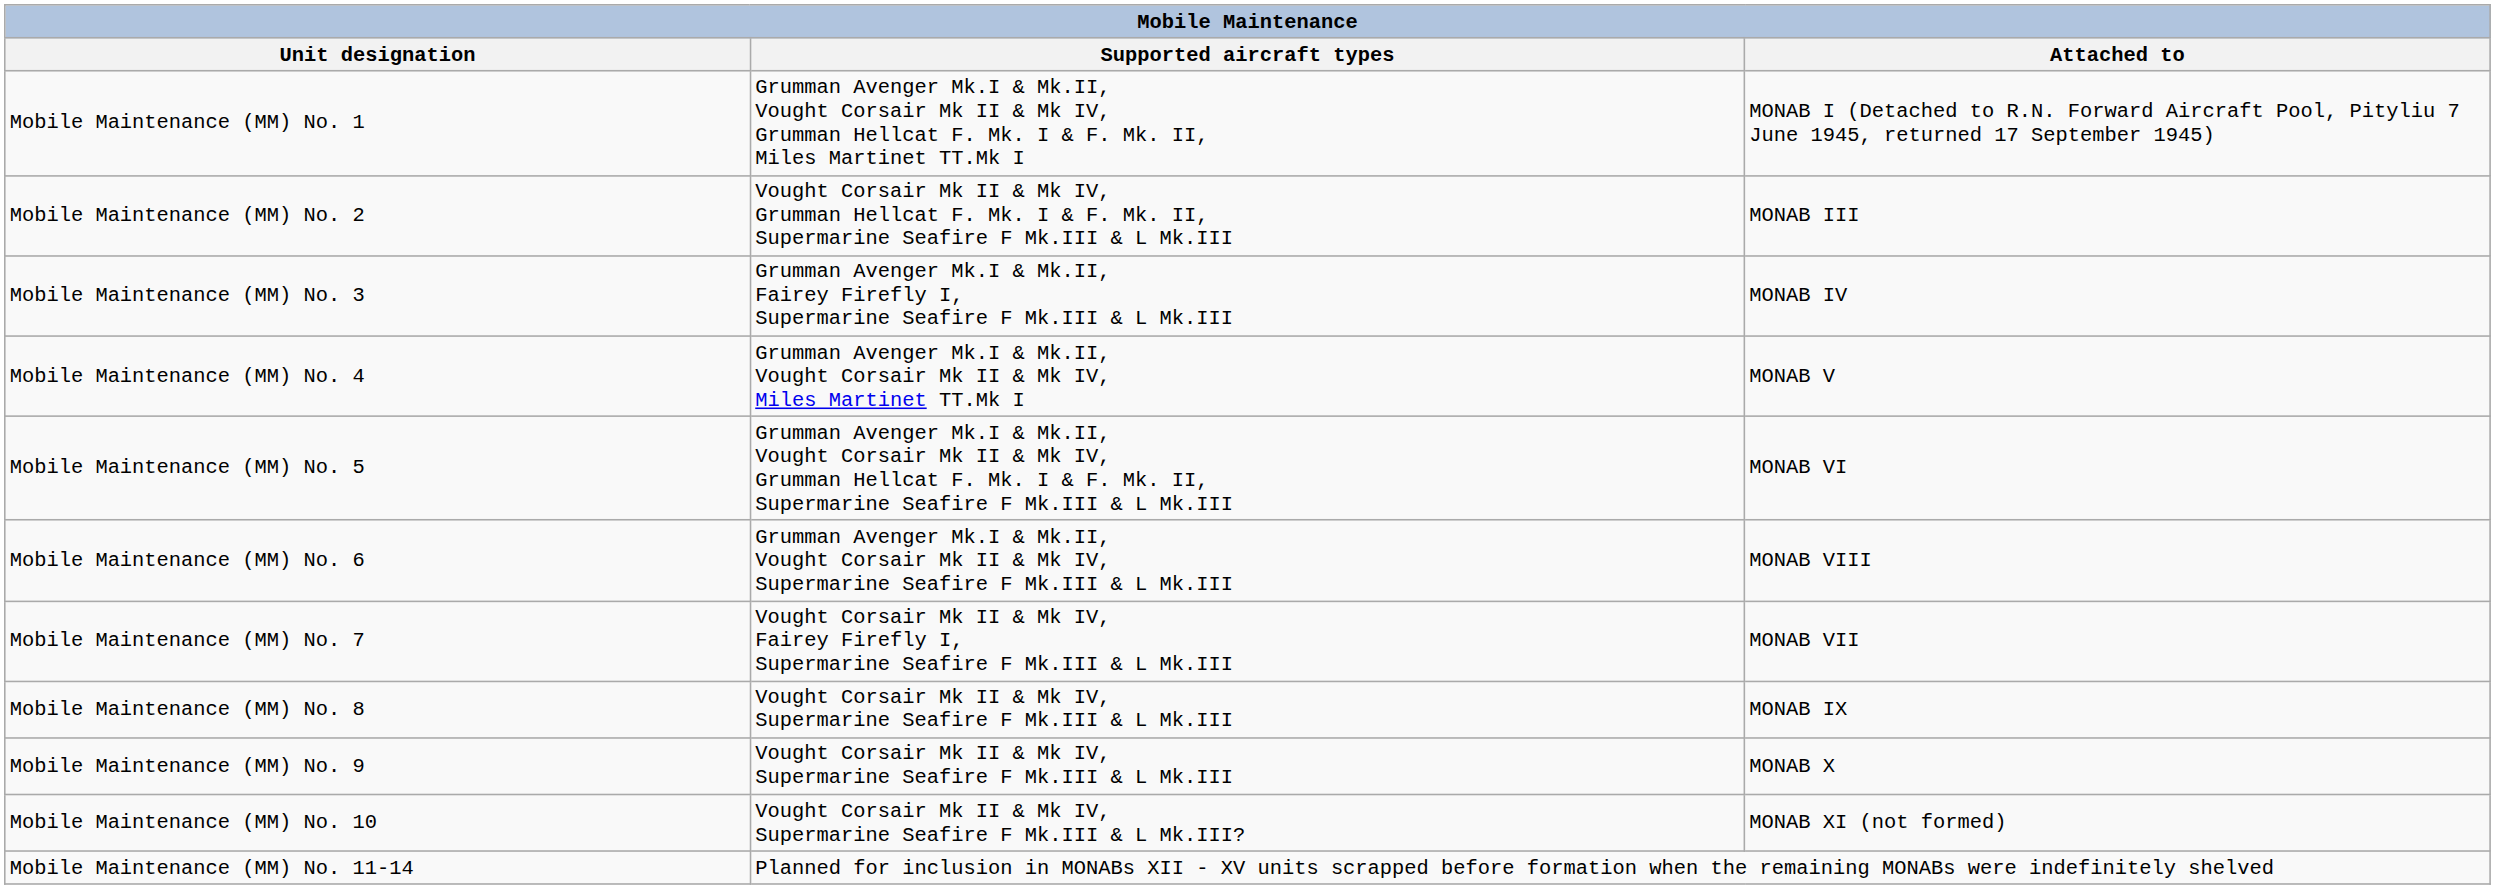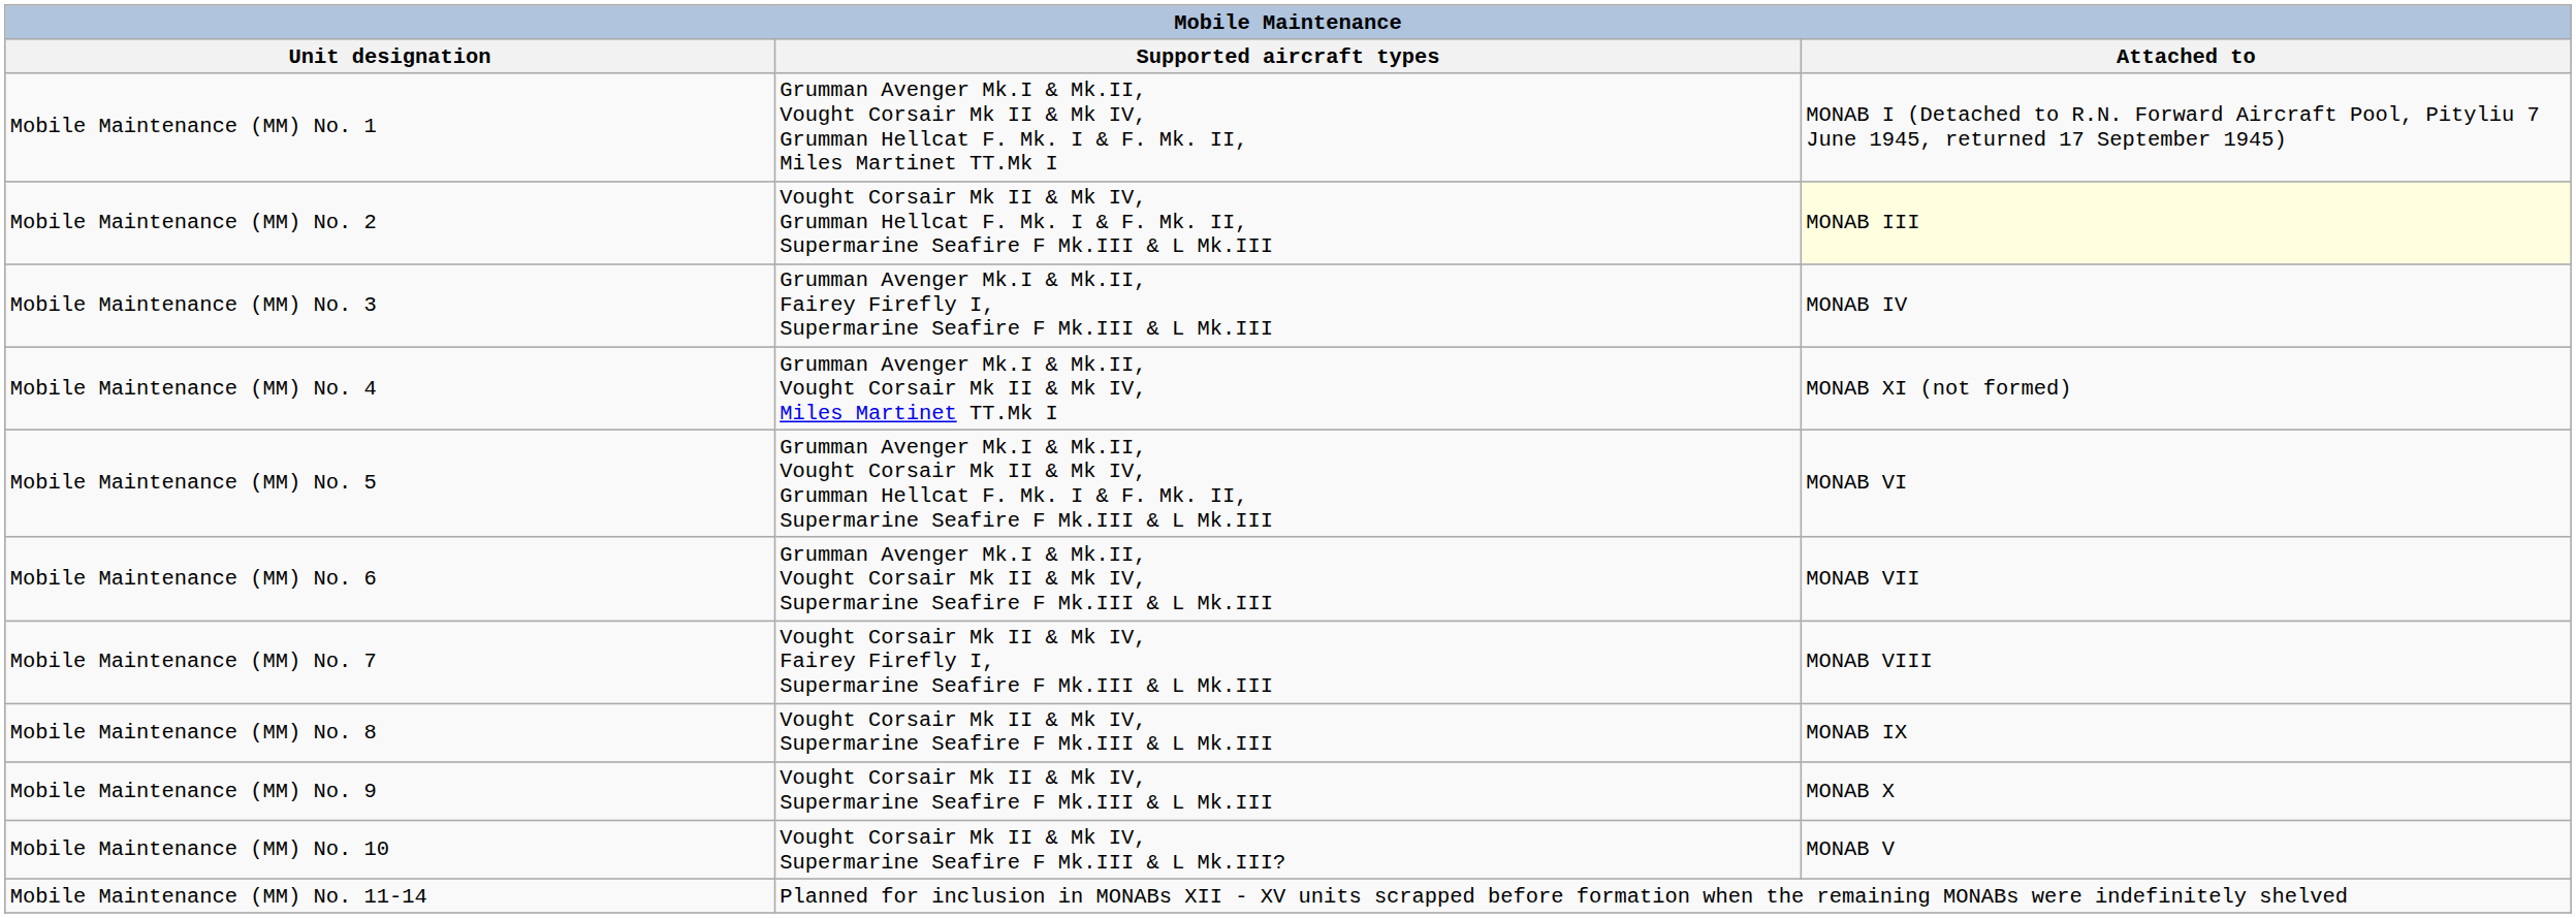 <table class="wikitable" style="margin:auto; width:100%;">
 <tr>
 <th style="align: center; background:#B0C4DE;" colspan="3">Mobile Maintenance</th>
 </tr>
 <tr>
 <th style="text-align:center; width:30%;">Unit designation</th>
 <th style="text-align:center; width:40%;">Supported aircraft types</th>
 <th style="text-align:center; width:30%;">Attached to</th>
 </tr>
 <tr>
 <td>Mobile Maintenance (MM) No. 1</td>
 <td>Grumman Avenger Mk.I & Mk.II,<br>Vought Corsair Mk II & Mk IV,<br>Grumman Hellcat F. Mk. I & F. Mk. II,<br>Miles Martinet TT.Mk I</td>
 <td>MONAB I (Detached to R.N. Forward Aircraft Pool, Pityliu 7 June 1945, returned 17 September 1945)</td>
 </tr>
 <tr>
 <td>Mobile Maintenance (MM) No. 2</td>
 <td>Vought Corsair Mk II & Mk IV,<br>Grumman Hellcat F. Mk. I & F. Mk. II,<br>Supermarine Seafire F Mk.III & L Mk.III</td>
-<td>MONAB III</td>
+<td style="background: lightyellow;">MONAB III</td>
 </tr>
 <tr>
 <td>Mobile Maintenance (MM) No. 3</td>
 <td>Grumman Avenger Mk.I & Mk.II,<br>Fairey Firefly I,<br>Supermarine Seafire F Mk.III & L Mk.III</td>
 <td>MONAB IV</td>
 </tr>
 <tr>
 <td>Mobile Maintenance (MM) No. 4</td>
 <td>Grumman Avenger Mk.I & Mk.II,<br>Vought Corsair Mk II & Mk IV,<br><a href='#'>Miles Martinet</a> TT.Mk I</td>
-<td>MONAB V</td>
+<td>MONAB XI (not formed)</td>
 </tr>
 <tr>
 <td>Mobile Maintenance (MM) No. 5</td>
 <td>Grumman Avenger Mk.I & Mk.II,<br>Vought Corsair Mk II & Mk IV,<br>Grumman Hellcat F. Mk. I & F. Mk. II,<br>Supermarine Seafire F Mk.III & L Mk.III</td>
 <td>MONAB VI</td>
 </tr>
 <tr>
 <td>Mobile Maintenance (MM) No. 6</td>
 <td>Grumman Avenger Mk.I & Mk.II,<br>Vought Corsair Mk II & Mk IV,<br>Supermarine Seafire F Mk.III & L Mk.III</td>
-<td>MONAB VIII</td>
+<td>MONAB VII</td>
 </tr>
 <tr>
 <td>Mobile Maintenance (MM) No. 7</td>
 <td>Vought Corsair Mk II & Mk IV,<br>Fairey Firefly I,<br>Supermarine Seafire F Mk.III & L Mk.III</td>
-<td>MONAB VII</td>
+<td>MONAB VIII</td>
 </tr>
 <tr>
 <td>Mobile Maintenance (MM) No. 8</td>
 <td>Vought Corsair Mk II & Mk IV,<br>Supermarine Seafire F Mk.III & L Mk.III</td>
 <td>MONAB IX</td>
 </tr>
 <tr>
 <td>Mobile Maintenance (MM) No. 9</td>
 <td>Vought Corsair Mk II & Mk IV,<br>Supermarine Seafire F Mk.III & L Mk.III</td>
 <td>MONAB X</td>
 </tr>
 <tr>
 <td>Mobile Maintenance (MM) No. 10</td>
 <td>Vought Corsair Mk II & Mk IV,<br>Supermarine Seafire F Mk.III & L Mk.III?</td>
-<td>MONAB XI (not formed)</td>
+<td>MONAB V</td>
 </tr>
 <tr>
 <td>Mobile Maintenance (MM) No. 11-14</td>
 <td colspan="2">Planned for inclusion in MONABs XII - XV units scrapped before formation when the remaining MONABs were indefinitely shelved</td>
 </tr>
 </table>
